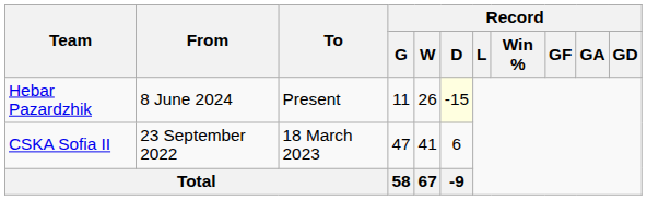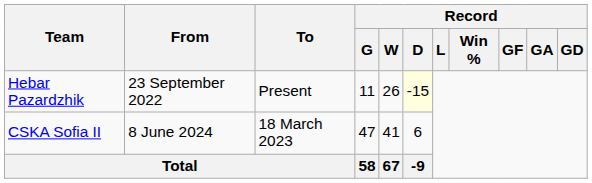 <table class="wikitable" style="text-align: center">
 <tr>
 <th rowspan="2">Team</th>
 <th rowspan="2">From</th>
 <th rowspan="2">To</th>
 <th colspan="8">Record</th>
 </tr>
 <tr>
 <th>G</th>
 <th>W</th>
 <th>D</th>
 <th>L</th>
 <th>Win %</th>
 <th>GF</th>
 <th>GA</th>
 <th>GD</th>
 </tr>
 <tr>
 <td align=left><a href='#'>Hebar Pazardzhik</a></td>
-<td align=left>8 June 2024</td>
+<td align=left>23 September 2022</td>
 <td align=left>Present<br></td>
 <td align=centre>11</td>
 <td align=centre>26</td>
 <td align=centre style="background: lightyellow;">-15</td>
 </tr>
 <tr>
 <td align=left><a href='#'>CSKA Sofia II</a></td>
-<td align=left>23 September 2022</td>
+<td align=left>8 June 2024</td>
 <td align=left>18 March 2023<br></td>
 <td align=centre>47</td>
 <td align=centre>41</td>
 <td align=centre>6</td>
 </tr>
 <tr>
 <th colspan=3>Total<br></th>
 <th align=centre>58</th>
 <th align=centre>67</th>
 <th align=centre>-9</th>
 </tr>
 </table>
